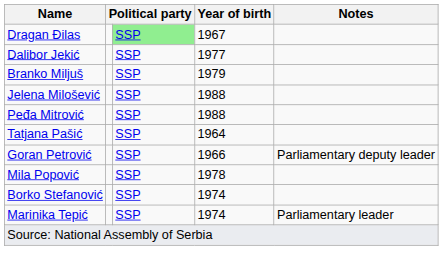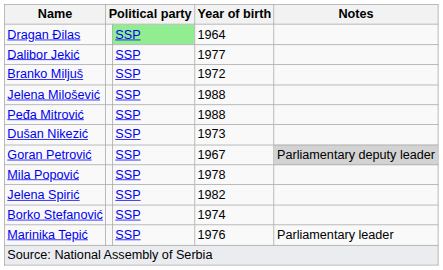 <table class="wikitable sortable" style="text-align:left">
 <tr>
 <th>Name</th>
 <th colspan="2">Political party</th>
 <th>Year of birth</th>
 <th>Notes</th>
 </tr>
 <tr>
 <td><a href='#'>Dragan Đilas</a></td>
 <td width="1" style="color:inherit;background: "></td>
 <td style="background: lightgreen;"><a href='#'>SSP</a></td>
-<td>1967</td>
+<td>1964</td>
 <td></td>
 </tr>
 <tr>
 <td><a href='#'>Dalibor Jekić</a></td>
 <td width="1" style="color:inherit;background: "></td>
 <td><a href='#'>SSP</a></td>
 <td>1977</td>
 <td></td>
 </tr>
 <tr>
 <td><a href='#'>Branko Miljuš</a></td>
 <td width="1" style="color:inherit;background: "></td>
 <td><a href='#'>SSP</a></td>
-<td>1979</td>
+<td>1972</td>
 <td></td>
 </tr>
 <tr>
 <td><a href='#'>Jelena Milošević</a></td>
 <td width="1" style="color:inherit;background: "></td>
 <td><a href='#'>SSP</a></td>
 <td>1988</td>
 <td></td>
 </tr>
 <tr>
 <td><a href='#'>Peđa Mitrović</a></td>
 <td width="1" style="color:inherit;background: "></td>
 <td><a href='#'>SSP</a></td>
 <td>1988</td>
 <td></td>
 </tr>
 <tr>
-<td><a href='#'>Tatjana Pašić</a></td>
+<td><a href='#'>Dušan Nikezić</a></td>
 <td width="1" style="color:inherit;background: "></td>
 <td><a href='#'>SSP</a></td>
-<td>1964</td>
+<td>1973</td>
 <td></td>
 </tr>
 <tr>
 <td><a href='#'>Goran Petrović</a></td>
 <td width="1" style="color:inherit;background: "></td>
 <td><a href='#'>SSP</a></td>
-<td>1966</td>
-<td>Parliamentary deputy leader</td>
+<td>1967</td>
+<td style="background: lightgrey;">Parliamentary deputy leader</td>
 </tr>
 <tr>
 <td><a href='#'>Mila Popović</a></td>
 <td width="1" style="color:inherit;background: "></td>
 <td><a href='#'>SSP</a></td>
 <td>1978</td>
+<td></td>
+</tr>
+<tr>
+<td><a href='#'>Jelena Spirić</a></td>
+<td width="1" style="color:inherit;background: "></td>
+<td><a href='#'>SSP</a></td>
+<td>1982</td>
 <td></td>
 </tr>
 <tr>
 <td><a href='#'>Borko Stefanović</a></td>
 <td width="1" style="color:inherit;background: "></td>
 <td><a href='#'>SSP</a></td>
 <td>1974</td>
 <td></td>
 </tr>
 <tr>
 <td><a href='#'>Marinika Tepić</a></td>
 <td width="1" style="color:inherit;background: "></td>
 <td><a href='#'>SSP</a></td>
-<td>1974</td>
+<td>1976</td>
 <td>Parliamentary leader</td>
 </tr>
 <tr>
 <td style="background-color:#EAECF0" colspan="5">Source: National Assembly of Serbia</td>
 </tr>
 </table>
